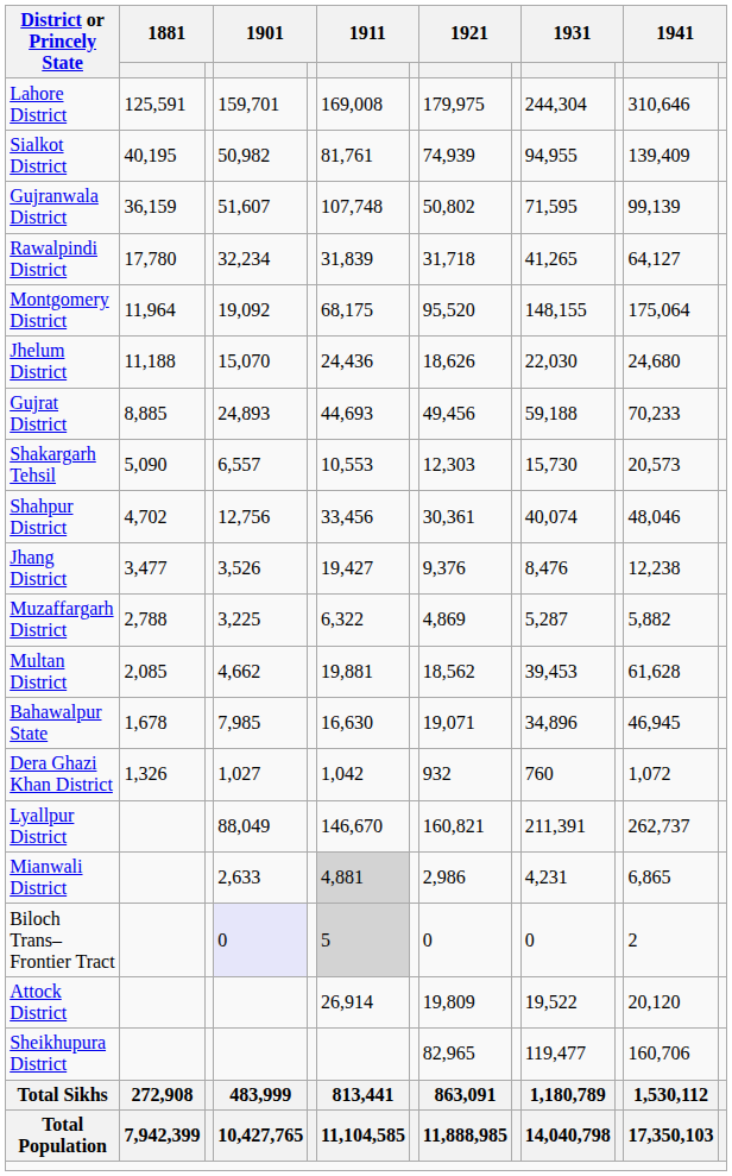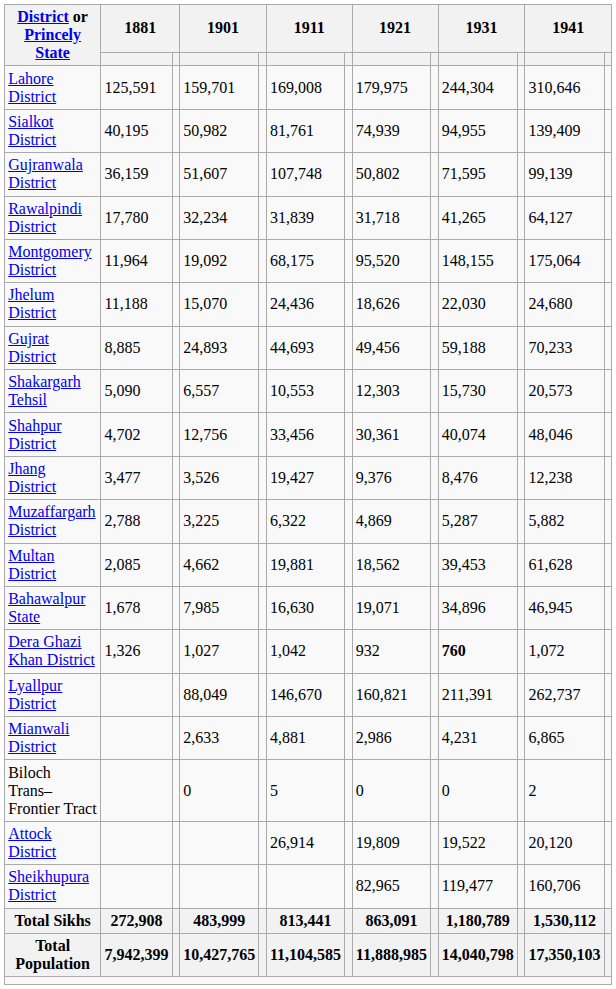 <table class="wikitable sortable">
 <tr>
 <th rowspan="2"><a href='#'>District</a> or <a href='#'>Princely State</a></th>
 <th colspan="2">1881</th>
 <th colspan="2">1901</th>
 <th colspan="2">1911</th>
 <th colspan="2">1921</th>
 <th colspan="2">1931</th>
 <th colspan="2">1941</th>
 </tr>
 <tr>
 <th><a href='#'></a></th>
 <th></th>
 <th></th>
 <th></th>
 <th></th>
 <th></th>
 <th></th>
 <th></th>
 <th></th>
 <th></th>
 <th></th>
 <th></th>
 </tr>
 <tr>
 <td><a href='#'>Lahore District</a></td>
 <td>125,591</td>
 <td></td>
 <td>159,701</td>
 <td></td>
 <td>169,008</td>
 <td></td>
 <td>179,975</td>
 <td></td>
 <td>244,304</td>
 <td></td>
 <td>310,646</td>
 <td></td>
 </tr>
 <tr>
 <td><a href='#'>Sialkot District</a></td>
 <td>40,195</td>
 <td></td>
 <td>50,982</td>
 <td></td>
 <td>81,761</td>
 <td></td>
 <td>74,939</td>
 <td></td>
 <td>94,955</td>
 <td></td>
 <td>139,409</td>
 <td></td>
 </tr>
 <tr>
 <td><a href='#'>Gujranwala District</a></td>
 <td>36,159</td>
 <td></td>
 <td>51,607</td>
 <td></td>
 <td>107,748</td>
 <td></td>
 <td>50,802</td>
 <td></td>
 <td>71,595</td>
 <td></td>
 <td>99,139</td>
 <td></td>
 </tr>
 <tr>
 <td><a href='#'>Rawalpindi District</a></td>
 <td>17,780</td>
 <td></td>
 <td>32,234</td>
 <td></td>
 <td>31,839</td>
 <td></td>
 <td>31,718</td>
 <td></td>
 <td>41,265</td>
 <td></td>
 <td>64,127</td>
 <td></td>
 </tr>
 <tr>
 <td><a href='#'>Montgomery District</a></td>
 <td>11,964</td>
 <td></td>
 <td>19,092</td>
 <td></td>
 <td>68,175</td>
 <td></td>
 <td>95,520</td>
 <td></td>
 <td>148,155</td>
 <td></td>
 <td>175,064</td>
 <td></td>
 </tr>
 <tr>
 <td><a href='#'>Jhelum District</a></td>
 <td>11,188</td>
 <td></td>
 <td>15,070</td>
 <td></td>
 <td>24,436</td>
 <td></td>
 <td>18,626</td>
 <td></td>
 <td>22,030</td>
 <td></td>
 <td>24,680</td>
 <td></td>
 </tr>
 <tr>
 <td><a href='#'>Gujrat District</a></td>
 <td>8,885</td>
 <td></td>
 <td>24,893</td>
 <td></td>
 <td>44,693</td>
 <td></td>
 <td>49,456</td>
 <td></td>
 <td>59,188</td>
 <td></td>
 <td>70,233</td>
 <td></td>
 </tr>
 <tr>
 <td><a href='#'>Shakargarh Tehsil</a></td>
 <td>5,090</td>
 <td></td>
 <td>6,557</td>
 <td></td>
 <td>10,553</td>
 <td></td>
 <td>12,303</td>
 <td></td>
 <td>15,730</td>
 <td></td>
 <td>20,573</td>
 <td></td>
 </tr>
 <tr>
 <td><a href='#'>Shahpur District</a></td>
 <td>4,702</td>
 <td></td>
 <td>12,756</td>
 <td></td>
 <td>33,456</td>
 <td></td>
 <td>30,361</td>
 <td></td>
 <td>40,074</td>
 <td></td>
 <td>48,046</td>
 <td></td>
 </tr>
 <tr>
 <td><a href='#'>Jhang District</a></td>
 <td>3,477</td>
 <td></td>
 <td>3,526</td>
 <td></td>
 <td>19,427</td>
 <td></td>
 <td>9,376</td>
 <td></td>
 <td>8,476</td>
 <td></td>
 <td>12,238</td>
 <td></td>
 </tr>
 <tr>
 <td><a href='#'>Muzaffargarh District</a></td>
 <td>2,788</td>
 <td></td>
 <td>3,225</td>
 <td></td>
 <td>6,322</td>
 <td></td>
 <td>4,869</td>
 <td></td>
 <td>5,287</td>
 <td></td>
 <td>5,882</td>
 <td></td>
 </tr>
 <tr>
 <td><a href='#'>Multan District</a></td>
 <td>2,085</td>
 <td></td>
 <td>4,662</td>
 <td></td>
 <td>19,881</td>
 <td></td>
 <td>18,562</td>
 <td></td>
 <td>39,453</td>
 <td></td>
 <td>61,628</td>
 <td></td>
 </tr>
 <tr>
 <td><a href='#'>Bahawalpur State</a></td>
 <td>1,678</td>
 <td></td>
 <td>7,985</td>
 <td></td>
 <td>16,630</td>
 <td></td>
 <td>19,071</td>
 <td></td>
 <td>34,896</td>
 <td></td>
 <td>46,945</td>
 <td></td>
 </tr>
 <tr>
 <td><a href='#'>Dera Ghazi Khan District</a></td>
 <td>1,326</td>
 <td></td>
 <td>1,027</td>
 <td></td>
 <td>1,042</td>
 <td></td>
 <td>932</td>
 <td></td>
-<td>760</td>
+<td><strong>760</strong></td>
 <td></td>
 <td>1,072</td>
 <td></td>
 </tr>
 <tr>
 <td><a href='#'>Lyallpur District</a></td>
 <td></td>
 <td></td>
 <td>88,049</td>
 <td></td>
 <td>146,670</td>
 <td></td>
 <td>160,821</td>
 <td></td>
 <td>211,391</td>
 <td></td>
 <td>262,737</td>
 <td></td>
 </tr>
 <tr>
 <td><a href='#'>Mianwali District</a></td>
 <td></td>
 <td></td>
 <td>2,633</td>
 <td></td>
-<td style="background: lightgrey;">4,881</td>
+<td>4,881</td>
 <td></td>
 <td>2,986</td>
 <td></td>
 <td>4,231</td>
 <td></td>
 <td>6,865</td>
 <td></td>
 </tr>
 <tr>
 <td>Biloch Trans–Frontier Tract</td>
 <td></td>
 <td></td>
-<td style="background: lavender;">0</td>
+<td>0</td>
 <td></td>
-<td style="background: lightgrey;">5</td>
+<td>5</td>
 <td></td>
 <td>0</td>
 <td></td>
 <td>0</td>
 <td></td>
 <td>2</td>
 <td></td>
 </tr>
 <tr>
 <td><a href='#'>Attock District</a></td>
 <td></td>
 <td></td>
 <td></td>
 <td></td>
 <td>26,914</td>
 <td></td>
 <td>19,809</td>
 <td></td>
 <td>19,522</td>
 <td></td>
 <td>20,120</td>
 <td></td>
 </tr>
 <tr>
 <td><a href='#'>Sheikhupura District</a></td>
 <td></td>
 <td></td>
 <td></td>
 <td></td>
 <td></td>
 <td></td>
 <td>82,965</td>
 <td></td>
 <td>119,477</td>
 <td></td>
 <td>160,706</td>
 <td></td>
 </tr>
 <tr>
 <th>Total Sikhs</th>
 <th>272,908</th>
 <th></th>
 <th>483,999</th>
 <th></th>
 <th>813,441</th>
 <th></th>
 <th>863,091</th>
 <th></th>
 <th>1,180,789</th>
 <th></th>
 <th>1,530,112</th>
 <th></th>
 </tr>
 <tr>
 <th>Total Population</th>
 <th>7,942,399</th>
 <th></th>
 <th>10,427,765</th>
 <th></th>
 <th>11,104,585</th>
 <th></th>
 <th>11,888,985</th>
 <th></th>
 <th>14,040,798</th>
 <th></th>
 <th>17,350,103</th>
 <th></th>
 </tr>
 <tr class="sortbottom">
 <td colspan="13"></td>
 </tr>
 </table>
